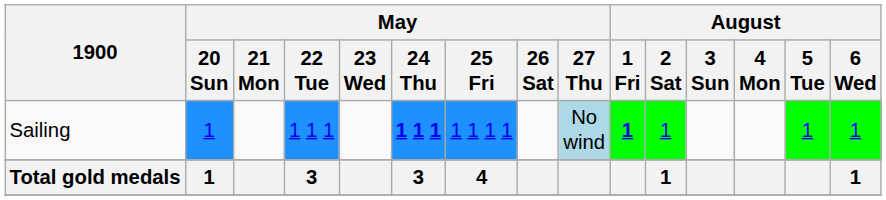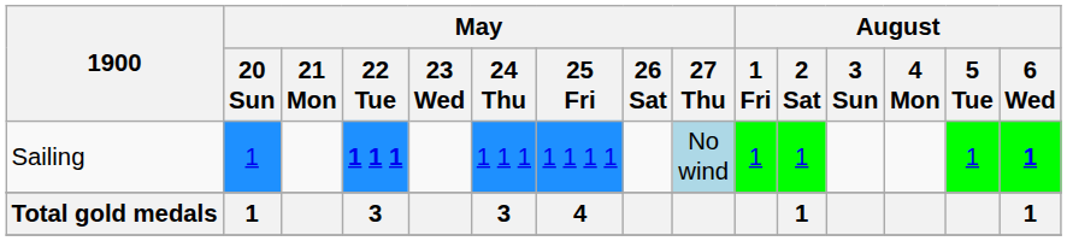 <table class="wikitable" style="margin:0.5em auto; font-size:90%; line-height:1.25em;">
 <tr>
 <th rowspan=2>1900</th>
 <th colspan=8>May</th>
 <th colspan=6>August</th>
 </tr>
 <tr>
 <th>20<br>Sun</th>
 <th>21<br>Mon</th>
 <th>22<br>Tue</th>
 <th>23<br>Wed</th>
 <th>24<br>Thu</th>
 <th>25<br>Fri</th>
 <th>26<br>Sat</th>
 <th>27<br>Thu</th>
 <th>1<br>Fri</th>
 <th>2<br>Sat</th>
 <th>3<br>Sun</th>
 <th>4<br>Mon</th>
 <th>5<br>Tue</th>
 <th>6<br>Wed</th>
 </tr>
 <tr align="center">
 <td align="left">Sailing</td>
 <td bgcolor=DodgerBlue><span><a href='#'>1</a></span></td>
 <td></td>
+<td bgcolor=DodgerBlue><strong><span> <a href='#'>1</a> <a href='#'>1</a> <a href='#'>1</a> </span></strong></td>
+<td></td>
 <td bgcolor=DodgerBlue><span> <a href='#'>1</a> <a href='#'>1</a> <a href='#'>1</a> </span></td>
-<td></td>
-<td bgcolor=DodgerBlue><strong><span> <a href='#'>1</a> <a href='#'>1</a> <a href='#'>1</a> </span></strong></td>
 <td bgcolor=DodgerBlue><span> <a href='#'>1</a> <a href='#'>1</a> <a href='#'>1</a> <a href='#'>1</a> </span></td>
 <td></td>
 <td bgcolor=LightBlue>No<br>wind</td>
-<td bgcolor=Lime><strong><span><a href='#'>1</a></span></strong></td>
+<td bgcolor=Lime><span><a href='#'>1</a></span></td>
 <td bgcolor=Lime><span><a href='#'>1</a></span></td>
 <td></td>
 <td></td>
 <td bgcolor=Lime><span><a href='#'>1</a></span></td>
-<td bgcolor=Lime><span><a href='#'>1</a></span></td>
+<td bgcolor=Lime><strong><span><a href='#'>1</a></span></strong></td>
 </tr>
 <tr align="center">
 </tr>
 <tr>
 <th>Total gold medals</th>
 <th>1</th>
 <th></th>
 <th>3</th>
 <th></th>
 <th>3</th>
 <th>4</th>
 <th></th>
 <th></th>
 <th></th>
 <th>1</th>
 <th></th>
 <th></th>
 <th></th>
 <th>1</th>
 </tr>
 <tr>
 </tr>
 </table>
